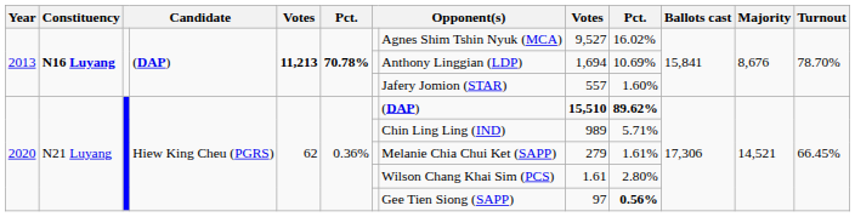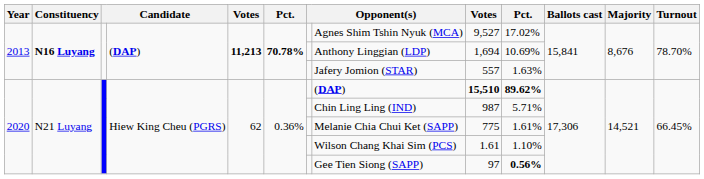 <table class="wikitable" style="margin:0.5em ; font-size:95%">
 <tr>
 <th>Year</th>
 <th>Constituency</th>
 <th colspan="2">Candidate</th>
 <th>Votes</th>
 <th>Pct.</th>
 <th colspan="2">Opponent(s)</th>
 <th>Votes</th>
 <th>Pct.</th>
 <th>Ballots cast</th>
 <th>Majority</th>
 <th>Turnout</th>
 </tr>
 <tr>
 <td rowspan="3"><a href='#'>2013</a></td>
 <td rowspan=3><strong>N16 <a href='#'>Luyang</a></strong></td>
 <td rowspan="3" ></td>
 <td rowspan="3"> (<a href='#'><strong>DAP</strong></a>)</td>
 <td rowspan="3" align=right><strong>11,213</strong></td>
 <td rowspan="3"><strong>70.78%</strong></td>
 <td></td>
 <td>Agnes Shim Tshin Nyuk (<a href='#'>MCA</a>)</td>
 <td align=right>9,527</td>
-<td>16.02%</td>
+<td>17.02%</td>
 <td rowspan="3">15,841</td>
 <td rowspan="3">8,676</td>
 <td rowspan="3">78.70%</td>
 </tr>
 <tr>
 <td bgcolor = ></td>
 <td>Anthony Linggian (<a href='#'>LDP</a>)</td>
 <td align=right>1,694</td>
 <td>10.69%</td>
 </tr>
 <tr>
 <td bgcolor = ></td>
 <td>Jafery Jomion (<a href='#'>STAR</a>)</td>
 <td align=right>557</td>
-<td align=right>1.60%</td>
+<td align=right>1.63%</td>
 </tr>
 <tr>
 <td rowspan="5"><a href='#'>2020</a></td>
 <td rowspan=5>N21 <a href='#'>Luyang</a></td>
 <td rowspan="5" bgcolor= blue></td>
 <td rowspan="5">Hiew King Cheu (<a href='#'>PGRS</a>)</td>
 <td rowspan="5" align=right>62</td>
 <td rowspan="5" align=right>0.36%</td>
 <td></td>
 <td> (<a href='#'><strong>DAP</strong></a>)</td>
 <td align=right><strong>15,510</strong></td>
 <td><strong>89.62%</strong></td>
 <td rowspan="5">17,306</td>
 <td rowspan="5">14,521</td>
 <td rowspan="5">66.45%</td>
 </tr>
 <tr>
 <td></td>
 <td>Chin Ling Ling (<a href='#'>IND</a>)</td>
-<td align=right>989</td>
+<td align=right>987</td>
 <td align=right>5.71%</td>
 </tr>
 <tr>
 <td></td>
 <td>Melanie Chia Chui Ket (<a href='#'>SAPP</a>)</td>
-<td align=right>279</td>
+<td align=right>775</td>
 <td align=right>1.61%</td>
 </tr>
 <tr>
 <td></td>
 <td>Wilson Chang Khai Sim (<a href='#'>PCS</a>)</td>
 <td align=right>1.61</td>
-<td align=right>2.80%</td>
+<td align=right>1.10%</td>
 </tr>
 <tr>
 <td></td>
 <td>Gee Tien Siong (<a href='#'>SAPP</a>)</td>
 <td align=right>97</td>
 <td align=right><strong>0.56%</strong></td>
 </tr>
 </table>
